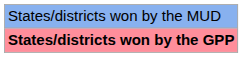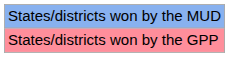 <table class="wikitable">
 <tr Style="background:#88B1EF;" |>
 <td>States/districts won by the MUD</td>
 </tr>
 <tr Style="background:#FF8E9B;">
-<td><strong>States/districts won by the GPP</strong></td>
+<td>States/districts won by the GPP</td>
 </tr>
 </table>
